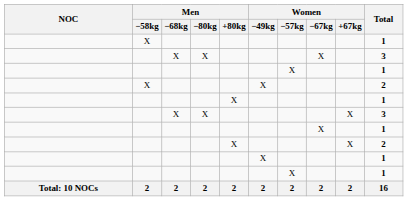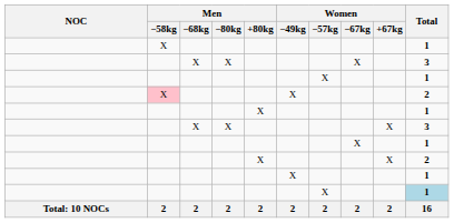 <table class="wikitable" style="text-align:center; font-size:90%">
 <tr>
 <th rowspan="2" width=200 align="left">NOC</th>
 <th colspan="4">Men</th>
 <th colspan="4">Women</th>
 <th width=55 rowspan="2">Total</th>
 </tr>
 <tr>
 <th width=40>−58kg</th>
 <th width=40>−68kg</th>
 <th width=40>−80kg</th>
 <th width=40>+80kg</th>
 <th width=40>−49kg</th>
 <th width=40>−57kg</th>
 <th width=40>−67kg</th>
 <th width=40>+67kg</th>
 </tr>
 <tr>
 <td align="left"></td>
 <td>X</td>
 <td></td>
 <td></td>
 <td></td>
 <td></td>
 <td></td>
 <td></td>
 <td></td>
 <td><strong>1</strong></td>
 </tr>
 <tr>
 <td align="left"></td>
 <td></td>
 <td>X</td>
 <td>X</td>
 <td></td>
 <td></td>
 <td></td>
 <td>X</td>
 <td></td>
 <td><strong>3</strong></td>
 </tr>
 <tr>
 <td align="left"></td>
 <td></td>
 <td></td>
 <td></td>
 <td></td>
 <td></td>
 <td>X</td>
 <td></td>
 <td></td>
 <td><strong>1</strong></td>
 </tr>
 <tr>
 <td align="left"></td>
-<td>X</td>
+<td style="background: pink;">X</td>
 <td></td>
 <td></td>
 <td></td>
 <td>X</td>
 <td></td>
 <td></td>
 <td></td>
 <td><strong>2</strong></td>
 </tr>
 <tr>
 <td align="left"></td>
 <td></td>
 <td></td>
 <td></td>
 <td>X</td>
 <td></td>
 <td></td>
 <td></td>
 <td></td>
 <td><strong>1</strong></td>
 </tr>
 <tr>
 <td align="left"></td>
 <td></td>
 <td>X</td>
 <td>X</td>
 <td></td>
 <td></td>
 <td></td>
 <td></td>
 <td>X</td>
 <td><strong>3</strong></td>
 </tr>
 <tr>
 <td align="left"></td>
 <td></td>
 <td></td>
 <td></td>
 <td></td>
 <td></td>
 <td></td>
 <td>X</td>
 <td></td>
 <td><strong>1</strong></td>
 </tr>
 <tr>
 <td align="left"></td>
 <td></td>
 <td></td>
 <td></td>
 <td>X</td>
 <td></td>
 <td></td>
 <td></td>
 <td>X</td>
 <td><strong>2</strong></td>
 </tr>
 <tr>
 <td align="left"></td>
 <td></td>
 <td></td>
 <td></td>
 <td></td>
 <td>X</td>
 <td></td>
 <td></td>
 <td></td>
 <td><strong>1</strong></td>
 </tr>
 <tr>
 <td align="left"></td>
 <td></td>
 <td></td>
 <td></td>
 <td></td>
 <td></td>
 <td>X</td>
 <td></td>
 <td></td>
-<td><strong>1</strong></td>
+<td style="background: lightblue;"><strong>1</strong></td>
 </tr>
 <tr>
 <th>Total: 10 NOCs</th>
 <th>2</th>
 <th>2</th>
 <th>2</th>
 <th>2</th>
 <th>2</th>
 <th>2</th>
 <th>2</th>
 <th>2</th>
 <th>16</th>
 </tr>
 </table>
